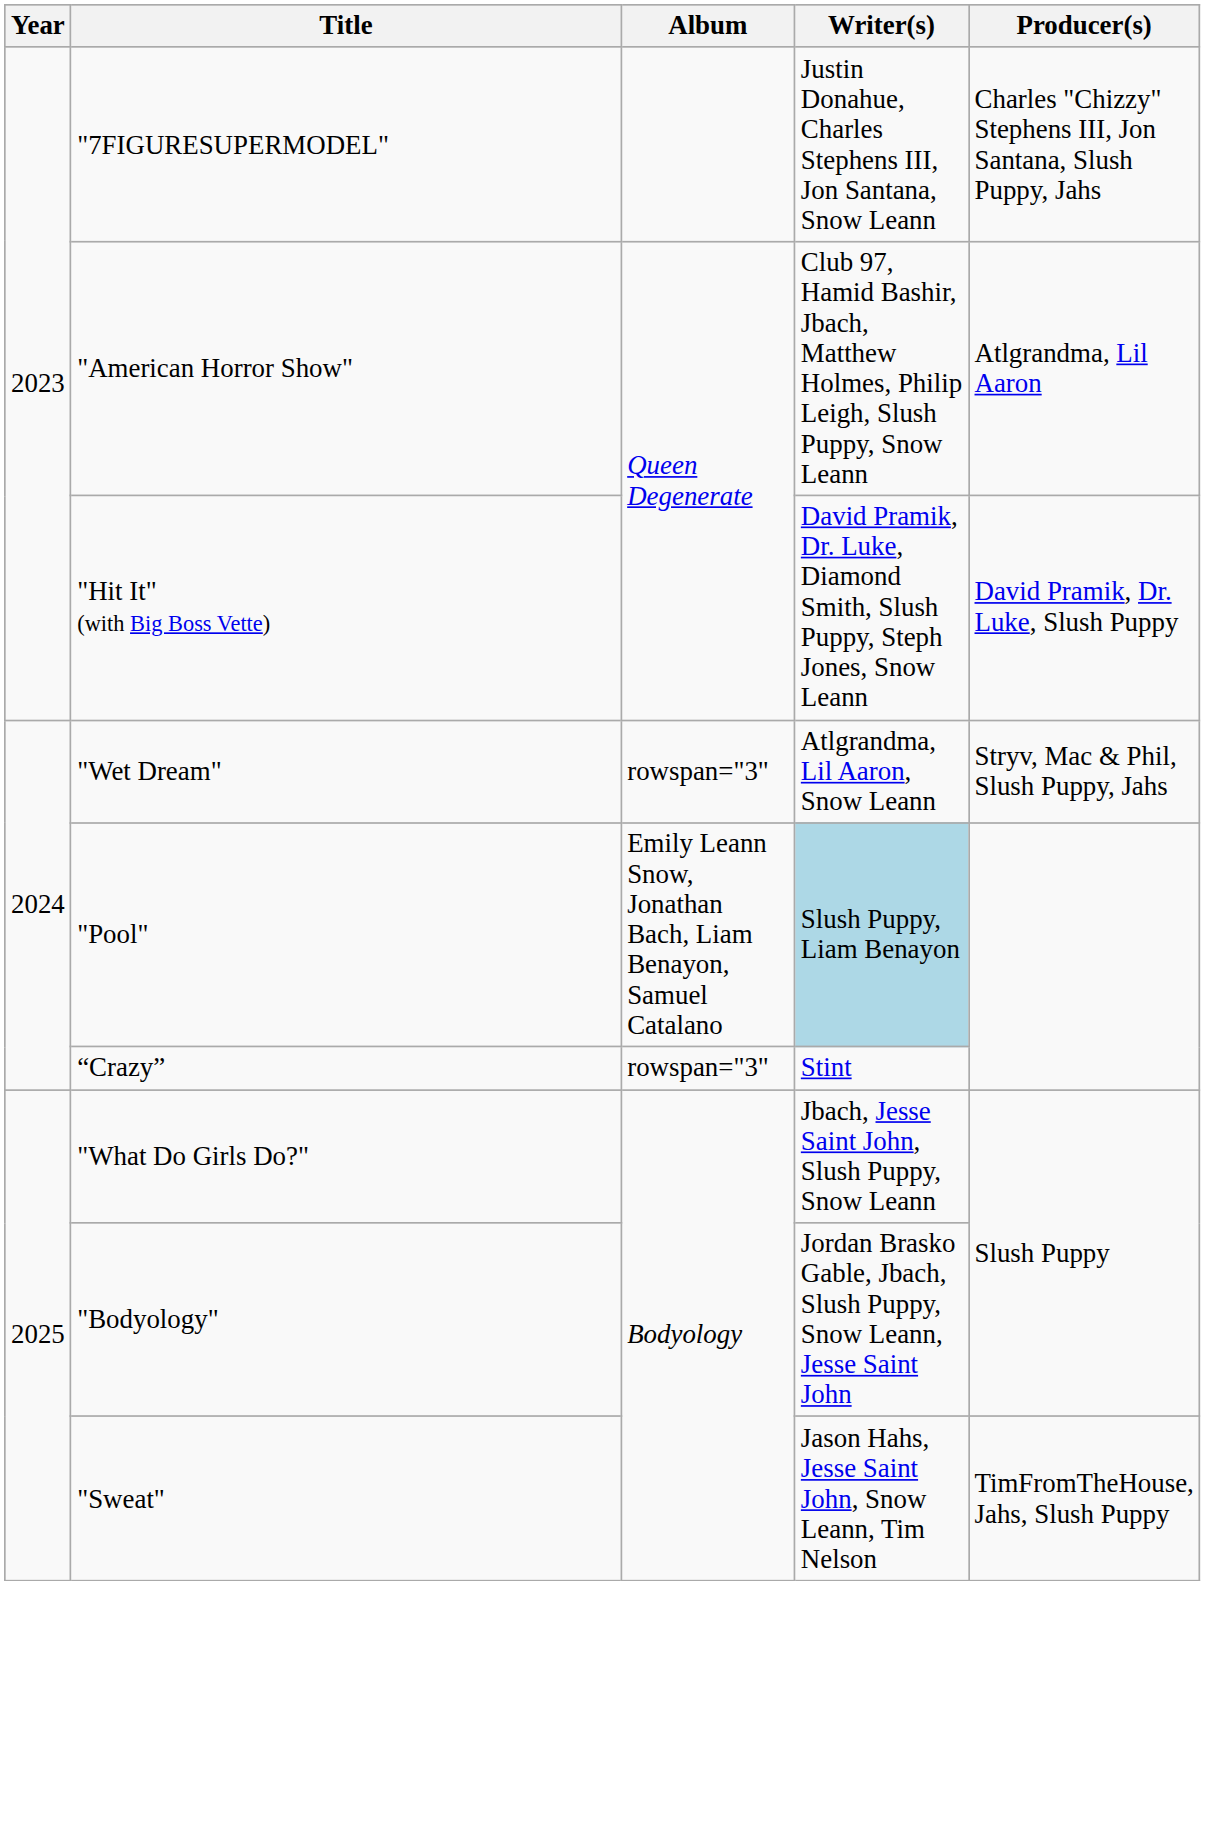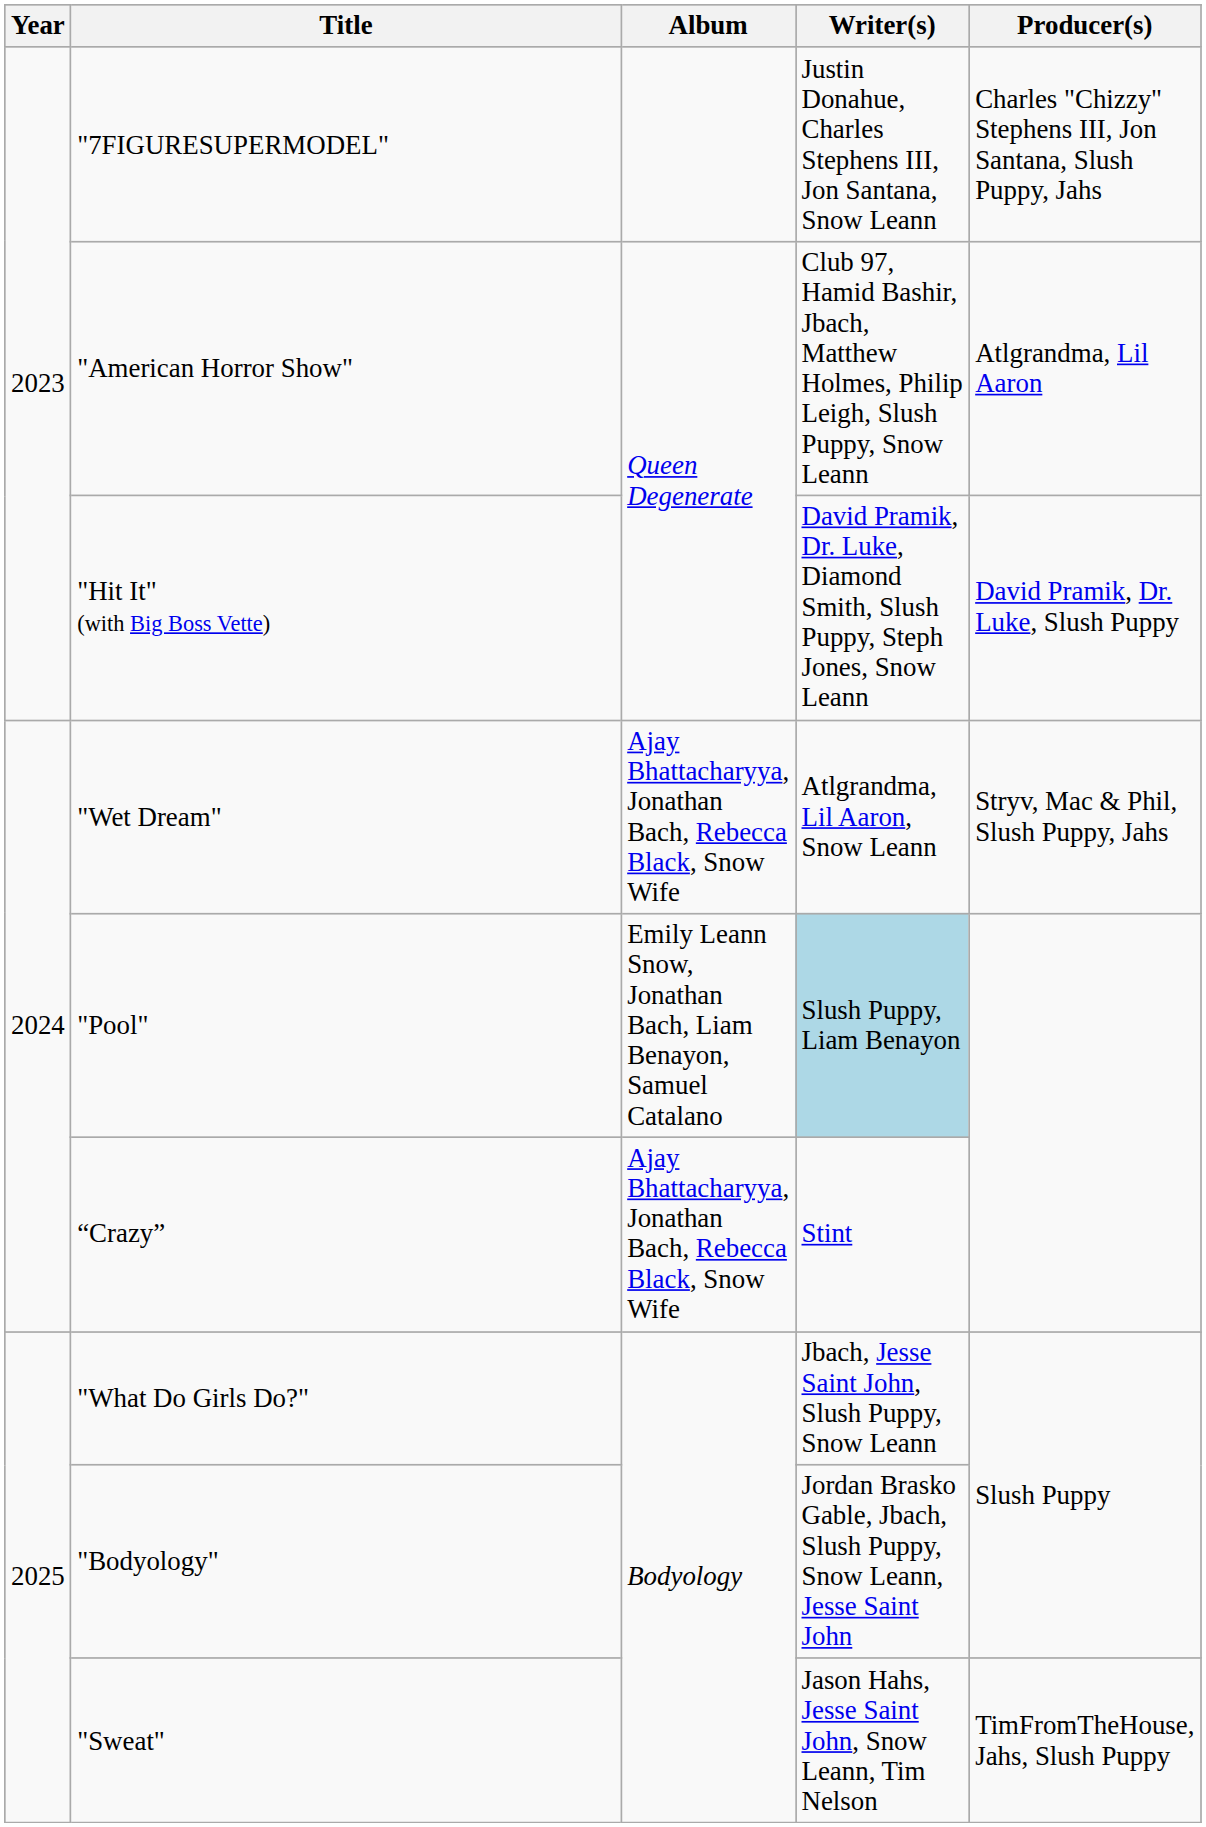 <table class="wikitable plainrowheaders" style="text-align:left;">
 <tr>
 <th scope="col" style="width:2em;">Year</th>
 <th scope="col" style="width:20em;">Title</th>
 <th scope="col"  style="width:6em;">Album</th>
 <th scope="col"  style="width:6em;">Writer(s)</th>
 <th scope="col"  style="width:6em;">Producer(s)</th>
 </tr>
 <tr>
 <td rowspan="3">2023</td>
 <td>"7FIGURESUPERMODEL"</td>
 <td></td>
 <td>Justin Donahue, Charles Stephens III, Jon Santana, Snow Leann</td>
 <td>Charles "Chizzy" Stephens III, Jon Santana, Slush Puppy, Jahs</td>
 </tr>
 <tr>
 <td>"American Horror Show"</td>
 <td rowspan="2"><em><a href='#'>Queen Degenerate</a></em></td>
 <td>Club 97, Hamid Bashir, Jbach, Matthew Holmes, Philip Leigh, Slush Puppy, Snow Leann</td>
 <td>Atlgrandma, <a href='#'>Lil Aaron</a></td>
 </tr>
 <tr>
 <td>"Hit It"<br><small>(with <a href='#'>Big Boss Vette</a>)</small></td>
 <td><a href='#'>David Pramik</a>, <a href='#'>Dr. Luke</a>, Diamond Smith, Slush Puppy, Steph Jones, Snow Leann</td>
 <td><a href='#'>David Pramik</a>, <a href='#'>Dr. Luke</a>, Slush Puppy</td>
 </tr>
 <tr>
 <td rowspan="3">2024</td>
 <td>"Wet Dream"</td>
-<td>rowspan="3" </td>
+<td><a href='#'>Ajay Bhattacharyya</a>, Jonathan Bach, <a href='#'>Rebecca Black</a>, Snow Wife</td>
 <td>Atlgrandma, <a href='#'>Lil Aaron</a>, Snow Leann</td>
 <td>Stryv, Mac & Phil, Slush Puppy, Jahs</td>
 </tr>
 <tr>
 <td>"Pool"</td>
 <td>Emily Leann Snow, Jonathan Bach, Liam Benayon, Samuel Catalano</td>
 <td style="background: lightblue;">Slush Puppy, Liam Benayon</td>
 </tr>
 <tr>
 <td>“Crazy”</td>
-<td>rowspan="3" </td>
+<td><a href='#'>Ajay Bhattacharyya</a>, Jonathan Bach, <a href='#'>Rebecca Black</a>, Snow Wife</td>
 <td><a href='#'>Stint</a></td>
 </tr>
 <tr>
 <td rowspan="3">2025</td>
 <td>"What Do Girls Do?"</td>
 <td rowspan="3"><em>Bodyology</em></td>
 <td>Jbach, <a href='#'>Jesse Saint John</a>, Slush Puppy, Snow Leann</td>
 <td rowspan="2">Slush Puppy</td>
 </tr>
 <tr>
 <td>"Bodyology"</td>
 <td>Jordan Brasko Gable, Jbach, Slush Puppy, Snow Leann, <a href='#'>Jesse Saint John</a></td>
 </tr>
 <tr>
 <td>"Sweat"</td>
 <td>Jason Hahs, <a href='#'>Jesse Saint John</a>, Snow Leann, Tim Nelson</td>
 <td>TimFromTheHouse, Jahs, Slush Puppy</td>
 </tr>
 </table>
